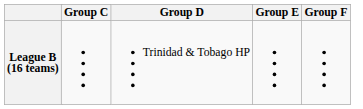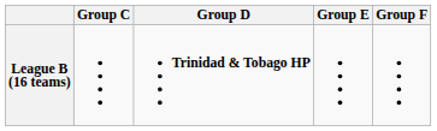 <table class="wikitable" style="line-height:15px;">
 <tr>
 <th colspan=2></th>
 <th>Group C</th>
 <th>Group D</th>
 <th>Group E</th>
 <th>Group F</th>
 </tr>
 <tr>
 <th colspan=2>League B<br>(16 teams)</th>
 <td><br><ul><li></li><li></li><li></li><li></li></ul></td>
-<td><br><ul><li> Trinidad & Tobago HP</li><li></li><li></li><li></li></ul></td>
+<td><strong><br><ul><li> Trinidad & Tobago HP</li><li></li><li></li><li></li></ul></strong></td>
 <td><br><ul><li></li><li></li><li></li><li></li></ul></td>
 <td><br><ul><li></li><li></li><li></li><li></li></ul></td>
 </tr>
 </table>
